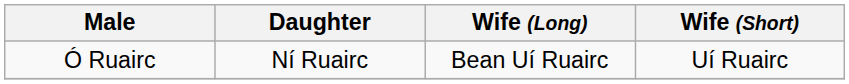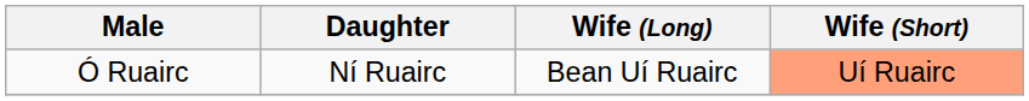 <table class="wikitable" style="text-align:right">
 <tr>
 <th width=20%>Male</th>
 <th width=20%>Daughter</th>
 <th width=20%>Wife <em><small>(Long)</small></em></th>
 <th width=20%>Wife <em><small>(Short)</small></em></th>
 </tr>
 <tr>
 <td align="center">Ó Ruairc</td>
 <td align="center">Ní Ruairc</td>
 <td align="center">Bean Uí Ruairc</td>
-<td align="center">Uí Ruairc</td>
+<td align="center" style="background: lightsalmon;">Uí Ruairc</td>
 </tr>
 <tr>
 </tr>
 </table>
